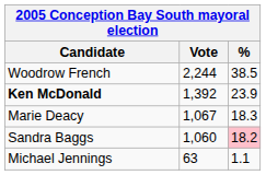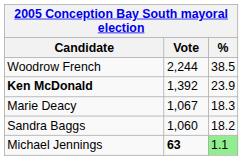 <table class="wikitable">
 <tr>
 <th colspan="3"><a href='#'>2005 Conception Bay South mayoral election</a></th>
 </tr>
 <tr>
 <th bgcolor="#DDDDFF" width="200px">Candidate</th>
 <th bgcolor="#DDDDFF" width="50px">Vote</th>
 <th bgcolor="#DDDDFF" width="30px">%</th>
 </tr>
 <tr>
 <td>Woodrow French</td>
 <td>2,244</td>
 <td>38.5</td>
 </tr>
 <tr>
 <td><strong>Ken McDonald</strong></td>
 <td>1,392</td>
 <td>23.9</td>
 </tr>
 <tr>
 <td>Marie Deacy</td>
 <td>1,067</td>
 <td>18.3</td>
 </tr>
 <tr>
 <td>Sandra Baggs</td>
 <td>1,060</td>
-<td style="background: pink;">18.2</td>
+<td>18.2</td>
 </tr>
 <tr>
 <td>Michael Jennings</td>
-<td>63</td>
-<td>1.1</td>
+<td><strong>63</strong></td>
+<td style="background: lightgreen;">1.1</td>
 </tr>
 </table>
